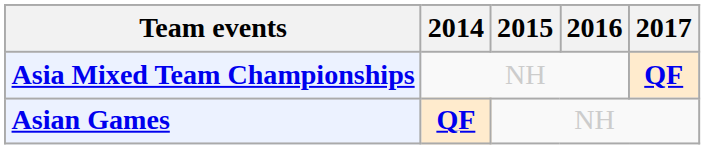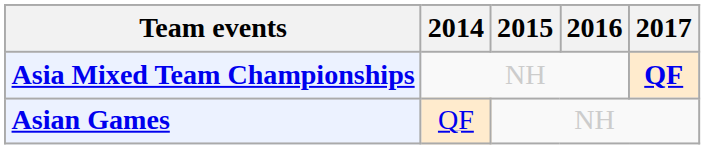 <table class="wikitable" style="font-size: 90%; text-align:center">
 <tr>
 <th>Team events</th>
 <th>2014</th>
 <th>2015</th>
 <th>2016</th>
 <th>2017</th>
 </tr>
 <tr>
 <td bgcolor="#ECF2FF"; align="left"><strong><a href='#'>Asia Mixed Team Championships</a></strong></td>
 <td colspan="3" style=color:#ccc>NH</td>
 <td bgcolor=FFEBCD><strong><a href='#'>QF</a></strong></td>
 </tr>
 <tr>
 <td bgcolor="#ECF2FF"; align="left"><strong><a href='#'>Asian Games</a></strong></td>
-<td bgcolor=FFEBCD><strong><a href='#'>QF</a></strong></td>
+<td bgcolor=FFEBCD><a href='#'>QF</a></td>
 <td colspan="3" style=color:#ccc>NH</td>
 </tr>
 </table>
